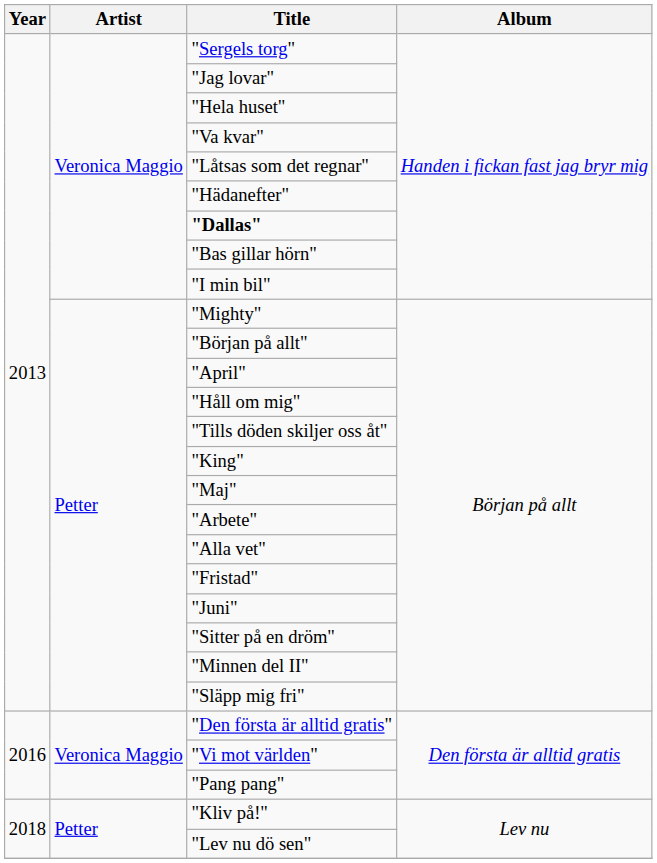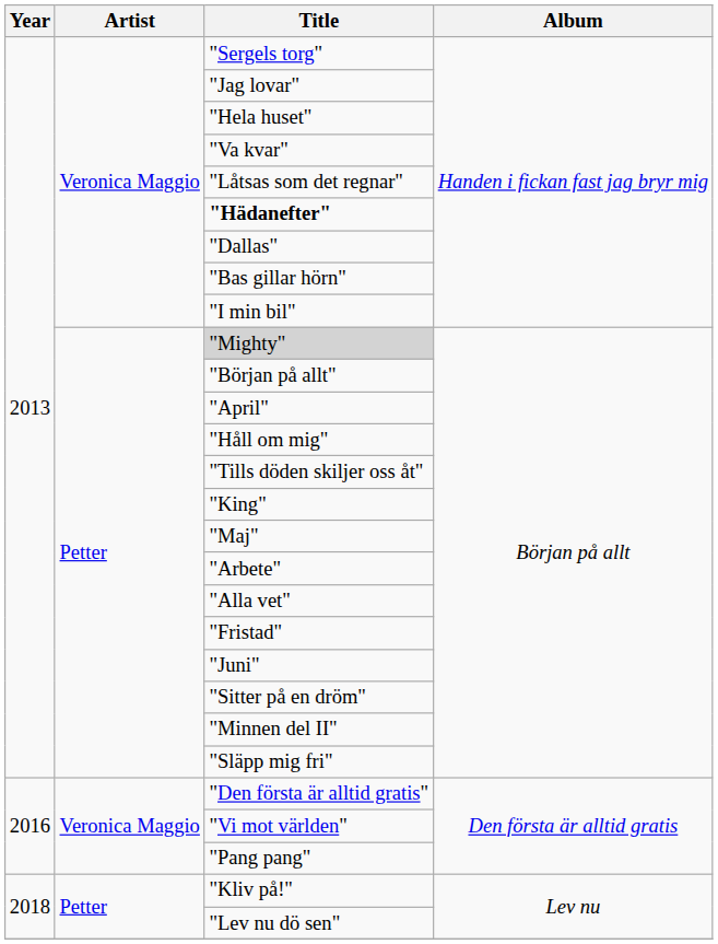 <table class="wikitable">
 <tr>
 <th>Year</th>
 <th>Artist</th>
 <th>Title</th>
 <th>Album</th>
 </tr>
 <tr>
 <td rowspan="23">2013</td>
 <td rowspan="9"><a href='#'>Veronica Maggio</a></td>
 <td>"<a href='#'>Sergels torg</a>"</td>
 <td rowspan="9" style="text-align:center;"><em><a href='#'>Handen i fickan fast jag bryr mig</a></em></td>
 </tr>
 <tr>
 <td>"Jag lovar"</td>
 </tr>
 <tr>
 <td>"Hela huset"<br></td>
 </tr>
 <tr>
 <td>"Va kvar"</td>
 </tr>
 <tr>
 <td>"Låtsas som det regnar"</td>
 </tr>
 <tr>
-<td>"Hädanefter"</td>
+<td><strong>"Hädanefter"</strong></td>
 </tr>
 <tr>
-<td><strong>"Dallas"</strong></td>
+<td>"Dallas"</td>
 </tr>
 <tr>
 <td>"Bas gillar hörn"</td>
 </tr>
 <tr>
 <td>"I min bil"</td>
 </tr>
 <tr>
 <td rowspan="14"><a href='#'>Petter</a></td>
-<td>"Mighty"<br></td>
+<td style="background: lightgrey;">"Mighty"<br></td>
 <td rowspan="14" style="text-align:center;"><em>Början på allt</em></td>
 </tr>
 <tr>
 <td>"Början på allt"<br></td>
 </tr>
 <tr>
 <td>"April"</td>
 </tr>
 <tr>
 <td>"Håll om mig"<br></td>
 </tr>
 <tr>
 <td>"Tills döden skiljer oss åt"</td>
 </tr>
 <tr>
 <td>"King"<br></td>
 </tr>
 <tr>
 <td>"Maj"</td>
 </tr>
 <tr>
 <td>"Arbete"</td>
 </tr>
 <tr>
 <td>"Alla vet"<br></td>
 </tr>
 <tr>
 <td>"Fristad"</td>
 </tr>
 <tr>
 <td>"Juni"</td>
 </tr>
 <tr>
 <td>"Sitter på en dröm"</td>
 </tr>
 <tr>
 <td>"Minnen del II"</td>
 </tr>
 <tr>
 <td>"Släpp mig fri"</td>
 </tr>
 <tr>
 <td rowspan="3">2016</td>
 <td rowspan="3"><a href='#'>Veronica Maggio</a></td>
 <td>"<a href='#'>Den första är alltid gratis</a>"</td>
 <td rowspan="3" style="text-align:center;"><em><a href='#'>Den första är alltid gratis</a></em></td>
 </tr>
 <tr>
 <td>"<a href='#'>Vi mot världen</a>"</td>
 </tr>
 <tr>
 <td>"Pang pang"</td>
 </tr>
 <tr>
 <td rowspan="2">2018</td>
 <td rowspan="2"><a href='#'>Petter</a></td>
 <td>"Kliv på!"<br></td>
 <td rowspan="2" style="text-align:center;"><em>Lev nu</em></td>
 </tr>
 <tr>
 <td>"Lev nu dö sen"<br></td>
 </tr>
 <tr>
 </tr>
 </table>
